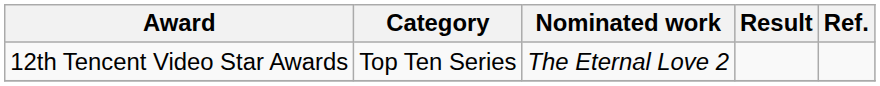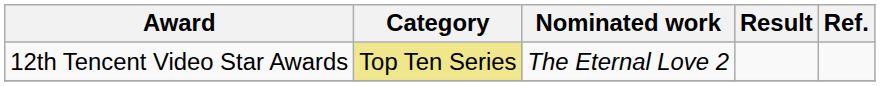 <table class="wikitable">
 <tr>
 <th>Award</th>
 <th>Category</th>
 <th>Nominated work</th>
 <th>Result</th>
 <th>Ref.</th>
 </tr>
 <tr>
 <td>12th Tencent Video Star Awards</td>
-<td>Top Ten Series</td>
+<td style="background: khaki;">Top Ten Series</td>
 <td><em>The Eternal Love 2</em></td>
 <td></td>
 <td></td>
 </tr>
 <tr>
 </tr>
 </table>
